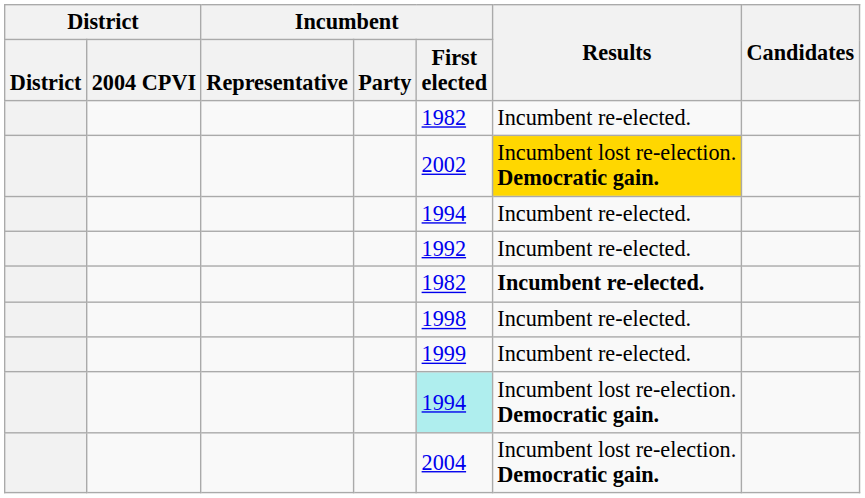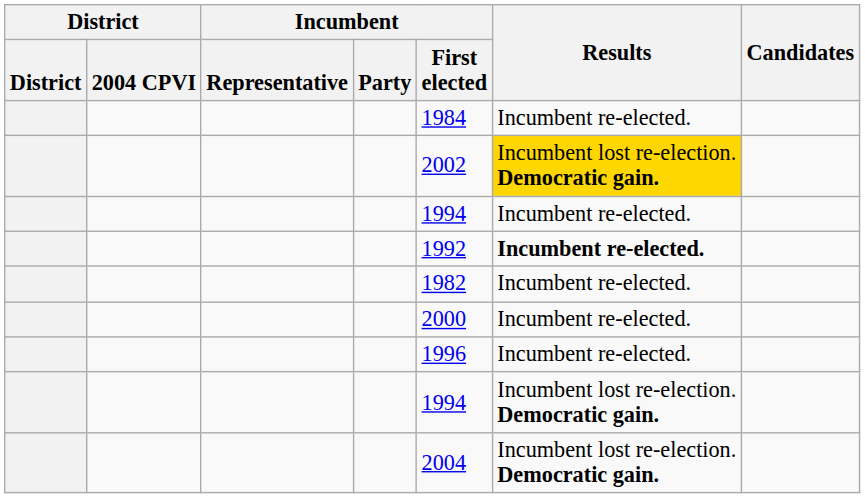 <table class="wikitable sortable">
 <tr>
 <th colspan=2>District</th>
 <th colspan=3>Incumbent</th>
 <th rowspan=2>Results</th>
 <th rowspan=2>Candidates</th>
 </tr>
 <tr valign=bottom>
 <th>District</th>
 <th>2004 CPVI</th>
 <th>Representative</th>
 <th>Party</th>
 <th>First<br>elected</th>
 </tr>
 <tr>
 <th></th>
 <td></td>
 <td></td>
 <td></td>
-<td><a href='#'>1982</a></td>
+<td><a href='#'>1984</a></td>
 <td>Incumbent re-elected.</td>
 <td nowrap></td>
 </tr>
 <tr>
 <th></th>
 <td></td>
 <td></td>
 <td></td>
 <td><a href='#'>2002</a></td>
 <td style="background: gold;">Incumbent lost re-election.<br><strong>Democratic gain.</strong></td>
 <td nowrap></td>
 </tr>
 <tr>
 <th></th>
 <td></td>
 <td></td>
 <td></td>
 <td><a href='#'>1994</a></td>
 <td>Incumbent re-elected.</td>
 <td nowrap></td>
 </tr>
 <tr>
 <th></th>
 <td></td>
 <td></td>
 <td></td>
 <td><a href='#'>1992</a></td>
+<td><strong>Incumbent re-elected.</strong></td>
+<td nowrap></td>
+</tr>
+<tr>
+<th></th>
+<td></td>
+<td></td>
+<td></td>
+<td><a href='#'>1982</a></td>
 <td>Incumbent re-elected.</td>
 <td nowrap></td>
 </tr>
 <tr>
 <th></th>
 <td></td>
 <td></td>
 <td></td>
-<td><a href='#'>1982</a></td>
-<td><strong>Incumbent re-elected.</strong></td>
-<td nowrap></td>
-</tr>
-<tr>
-<th></th>
-<td></td>
-<td></td>
-<td></td>
-<td><a href='#'>1998</a></td>
+<td><a href='#'>2000</a></td>
 <td>Incumbent re-elected.</td>
 <td nowrap></td>
 </tr>
 <tr>
 <th></th>
 <td></td>
 <td></td>
 <td></td>
-<td><a href='#'>1999</a></td>
+<td><a href='#'>1996</a></td>
 <td>Incumbent re-elected.</td>
 <td nowrap></td>
 </tr>
 <tr>
 <th></th>
 <td></td>
 <td></td>
 <td></td>
-<td style="background: paleturquoise;"><a href='#'>1994</a></td>
+<td><a href='#'>1994</a></td>
 <td>Incumbent lost re-election.<br><strong>Democratic gain.</strong></td>
 <td nowrap></td>
 </tr>
 <tr>
 <th></th>
 <td></td>
 <td></td>
 <td></td>
 <td><a href='#'>2004</a></td>
 <td>Incumbent lost re-election.<br><strong>Democratic gain.</strong></td>
 <td nowrap></td>
 </tr>
 </table>
